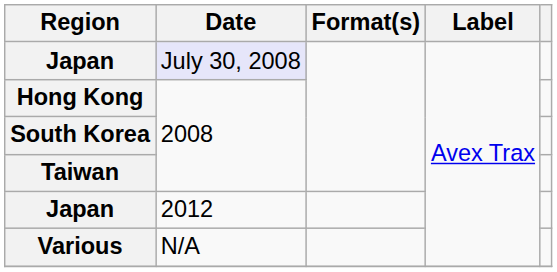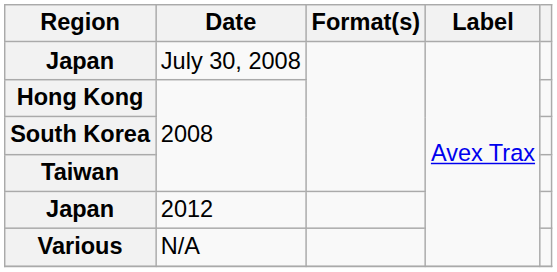 <table class="wikitable plainrowheaders">
 <tr>
 <th scope="col">Region</th>
 <th scope="col">Date</th>
 <th scope="col">Format(s)</th>
 <th scope="col">Label</th>
 <th scope="col"></th>
 </tr>
 <tr>
 <th scope="row">Japan</th>
-<td style="background: lavender;">July 30, 2008</td>
+<td>July 30, 2008</td>
 <td rowspan="4"></td>
 <td rowspan="6"><a href='#'>Avex Trax</a></td>
 <td></td>
 </tr>
 <tr>
 <th scope="row">Hong Kong</th>
 <td rowspan="3">2008</td>
 <td></td>
 </tr>
 <tr>
 <th scope="row">South Korea</th>
 <td></td>
 </tr>
 <tr>
 <th scope="row">Taiwan</th>
 <td></td>
 </tr>
 <tr>
 <th scope="row">Japan</th>
 <td>2012</td>
 <td></td>
 <td></td>
 </tr>
 <tr>
 <th scope="row">Various</th>
 <td>N/A</td>
 <td></td>
 <td></td>
 </tr>
 <tr>
 </tr>
 </table>
